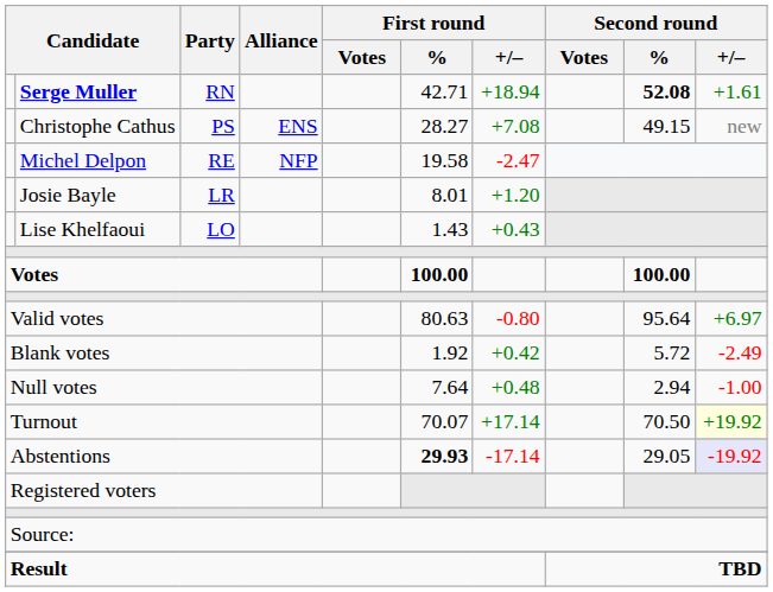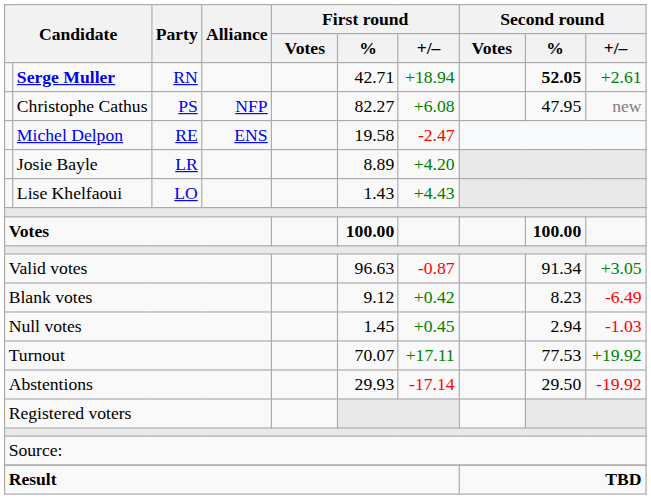 <table class="wikitable" style="text-align:right;font-size:95%;">
 <tr>
 <th rowspan="2" colspan="2">Candidate</th>
 <th rowspan="2">Party</th>
 <th rowspan="2">Alliance</th>
 <th colspan="3">First round</th>
 <th colspan="3">Second round</th>
 </tr>
 <tr>
 <th style="width:50px;">Votes</th>
 <th style="width:45px;">%</th>
 <th style="width:45px;">+/–</th>
 <th style="width:50px;">Votes</th>
 <th style="width:45px;">%</th>
 <th style="width:45px;">+/–</th>
 </tr>
 <tr>
 <td style="color:inherit;background:"></td>
 <td style="text-align:left;"><strong><a href='#'>Serge Muller</a></strong></td>
 <td><a href='#'>RN</a></td>
 <td></td>
 <td></td>
 <td>42.71</td>
 <td style="color:green;">+18.94</td>
 <td><strong></strong></td>
-<td><strong>52.08</strong></td>
-<td style="color:green;">+1.61</td>
+<td><strong>52.05</strong></td>
+<td style="color:green;">+2.61</td>
 </tr>
 <tr>
 <td style="color:inherit;background:"></td>
 <td style="text-align:left;">Christophe Cathus</td>
 <td><a href='#'>PS</a></td>
-<td><a href='#'>ENS</a></td>
+<td><a href='#'>NFP</a></td>
 <td></td>
-<td>28.27</td>
-<td style="color:green;">+7.08</td>
+<td>82.27</td>
+<td style="color:green;">+6.08</td>
 <td></td>
-<td>49.15</td>
+<td>47.95</td>
 <td style="color:grey;">new</td>
 </tr>
 <tr>
 <td style="color:inherit;background:"></td>
 <td style="text-align:left;"><a href='#'>Michel Delpon</a></td>
 <td><a href='#'>RE</a></td>
-<td><a href='#'>NFP</a></td>
+<td><a href='#'>ENS</a></td>
 <td></td>
 <td>19.58</td>
 <td style="color:red;">-2.47</td>
 <td colspan="3" style="background:#F8F9FA;"></td>
 </tr>
 <tr>
 <td style="color:inherit;background:"></td>
 <td style="text-align:left;">Josie Bayle</td>
 <td><a href='#'>LR</a></td>
 <td></td>
 <td></td>
-<td>8.01</td>
-<td style="color:green;">+1.20</td>
+<td>8.89</td>
+<td style="color:green;">+4.20</td>
 <td colspan="3" style="background:#E9E9E9;"></td>
 </tr>
 <tr>
 <td style="color:inherit;background:"></td>
 <td style="text-align:left;">Lise Khelfaoui</td>
 <td><a href='#'>LO</a></td>
 <td></td>
 <td></td>
 <td>1.43</td>
-<td style="color:green;">+0.43</td>
+<td style="color:green;">+4.43</td>
 <td colspan="3" style="background:#E9E9E9;"></td>
 </tr>
 <tr>
 <td colspan="10" style="background:#E9E9E9;"></td>
 </tr>
 <tr style="font-weight:bold;">
 <td colspan="4" style="text-align:left;">Votes</td>
 <td></td>
 <td>100.00</td>
 <td></td>
 <td></td>
 <td>100.00</td>
 <td></td>
 </tr>
 <tr>
 <td colspan="10" style="background:#E9E9E9;"></td>
 </tr>
 <tr>
 <td colspan="4" style="text-align:left;">Valid votes</td>
 <td></td>
-<td>80.63</td>
-<td style="color:red;">-0.80</td>
+<td>96.63</td>
+<td style="color:red;">-0.87</td>
 <td></td>
-<td>95.64</td>
-<td style="color:green;">+6.97</td>
+<td>91.34</td>
+<td style="color:green;">+3.05</td>
 </tr>
 <tr>
 <td colspan="4" style="text-align:left;">Blank votes</td>
 <td></td>
-<td>1.92</td>
+<td>9.12</td>
 <td style="color:green;">+0.42</td>
 <td></td>
-<td>5.72</td>
-<td style="color:red;">-2.49</td>
+<td>8.23</td>
+<td style="color:red;">-6.49</td>
 </tr>
 <tr>
 <td colspan="4" style="text-align:left;">Null votes</td>
 <td></td>
-<td>7.64</td>
-<td style="color:green;">+0.48</td>
+<td>1.45</td>
+<td style="color:green;">+0.45</td>
 <td></td>
 <td>2.94</td>
-<td style="color:red;">-1.00</td>
+<td style="color:red;">-1.03</td>
 </tr>
 <tr>
 <td colspan="4" style="text-align:left;">Turnout</td>
 <td></td>
 <td>70.07</td>
-<td style="color:green;">+17.14</td>
+<td style="color:green;">+17.11</td>
 <td></td>
-<td>70.50</td>
-<td style="background: lightyellow; color:green;">+19.92</td>
+<td>77.53</td>
+<td style="color:green;">+19.92</td>
 </tr>
 <tr>
 <td colspan="4" style="text-align:left;">Abstentions</td>
 <td></td>
-<td><strong>29.93</strong></td>
+<td>29.93</td>
 <td style="color:red;">-17.14</td>
 <td></td>
-<td>29.05</td>
-<td style="background: lavender; color:red;">-19.92</td>
+<td>29.50</td>
+<td style="color:red;">-19.92</td>
 </tr>
 <tr>
 <td colspan="4" style="text-align:left;">Registered voters</td>
 <td></td>
 <td colspan="2" style="background:#E9E9E9;"></td>
 <td></td>
 <td colspan="2" style="background:#E9E9E9;"></td>
 </tr>
 <tr>
 <td colspan="10" style="background:#E9E9E9;"></td>
 </tr>
 <tr>
 <td colspan="10" style="text-align:left;">Source:</td>
 </tr>
 <tr>
 </tr>
 <tr style="font-weight:bold">
 <td colspan="7" style="text-align:left;">Result</td>
 <td colspan="7" style="background-color:">TBD</td>
 </tr>
 </table>
